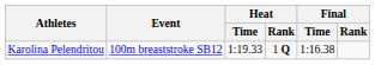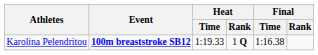 <table class=wikitable>
 <tr>
 <th rowspan="2">Athletes</th>
 <th rowspan="2">Event</th>
 <th colspan="2">Heat</th>
 <th colspan="2">Final</th>
 </tr>
 <tr>
 <th>Time</th>
 <th>Rank</th>
 <th>Time</th>
 <th>Rank</th>
 </tr>
 <tr align=center>
 <td align=left><a href='#'>Karolina Pelendritou</a></td>
-<td align=left><a href='#'>100m breaststroke SB12</a></td>
+<td align=left><strong><a href='#'>100m breaststroke SB12</a></strong></td>
 <td>1:19.33</td>
 <td>1 <strong>Q</strong></td>
 <td>1:16.38</td>
 <td></td>
 </tr>
 </table>
